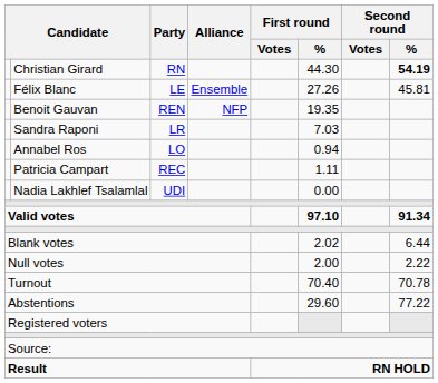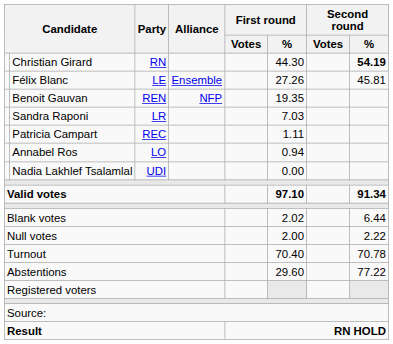 <table class="wikitable" style="text-align:right;font-size:95%;">
 <tr>
 <th colspan="2" rowspan="2">Candidate</th>
 <th colspan="1" rowspan="2">Party</th>
 <th colspan="1" rowspan="2">Alliance</th>
 <th colspan="2">First round</th>
 <th colspan="2">Second round</th>
 </tr>
 <tr>
 <th style="width:50px;">Votes</th>
 <th style="width:45px;">%</th>
 <th style="width:50px;">Votes</th>
 <th style="width:45px;">%</th>
 </tr>
 <tr>
 <td style="color:inherit;background:"></td>
 <td style="text-align:left;">Christian Girard</td>
 <td><a href='#'>RN</a></td>
 <td></td>
 <td></td>
 <td>44.30</td>
 <td><strong></strong></td>
 <td><strong>54.19</strong></td>
 </tr>
 <tr>
 <td style="color:inherit;background:"></td>
 <td style="text-align:left;">Félix Blanc</td>
 <td><a href='#'>LE</a></td>
 <td><a href='#'>Ensemble</a></td>
 <td></td>
 <td>27.26</td>
 <td></td>
 <td>45.81</td>
 </tr>
 <tr>
 <td style="color:inherit;background:"></td>
 <td style="text-align:left;">Benoit Gauvan</td>
 <td><a href='#'>REN</a></td>
 <td><a href='#'>NFP</a></td>
 <td></td>
 <td>19.35</td>
 <td></td>
 <td></td>
 </tr>
 <tr>
 <td style="color:inherit;background:"></td>
 <td style="text-align:left;">Sandra Raponi</td>
 <td><a href='#'>LR</a></td>
 <td></td>
 <td></td>
 <td>7.03</td>
 <td></td>
 <td></td>
 </tr>
 <tr>
 <td style="color:inherit;background:"></td>
+<td style="text-align:left;">Patricia Campart</td>
+<td><a href='#'>REC</a></td>
+<td></td>
+<td></td>
+<td>1.11</td>
+<td></td>
+<td></td>
+</tr>
+<tr>
+<td style="color:inherit;background:"></td>
 <td style="text-align:left;">Annabel Ros</td>
 <td><a href='#'>LO</a></td>
 <td></td>
 <td></td>
 <td>0.94</td>
-<td></td>
-<td></td>
-</tr>
-<tr>
-<td style="color:inherit;background:"></td>
-<td style="text-align:left;">Patricia Campart</td>
-<td><a href='#'>REC</a></td>
-<td></td>
-<td></td>
-<td>1.11</td>
 <td></td>
 <td></td>
 </tr>
 <tr>
 <td style="color:inherit;background:"></td>
 <td style="text-align:left;">Nadia Lakhlef Tsalamlal</td>
 <td><a href='#'>UDI</a></td>
 <td></td>
 <td></td>
 <td>0.00</td>
 <td></td>
 <td></td>
 </tr>
 <tr>
 <td colspan="8" style="background:#E9E9E9;"></td>
 </tr>
 <tr style="font-weight:bold;">
 <td colspan="4" style="text-align:left;">Valid votes</td>
 <td></td>
 <td>97.10</td>
 <td></td>
 <td>91.34</td>
 </tr>
 <tr>
 <td colspan="8" style="background:#E9E9E9;"></td>
 </tr>
 <tr>
 <td colspan="4" style="text-align:left;">Blank votes</td>
 <td></td>
 <td>2.02</td>
 <td></td>
 <td>6.44</td>
 </tr>
 <tr>
 <td colspan="4" style="text-align:left;">Null votes</td>
 <td></td>
 <td>2.00</td>
 <td></td>
 <td>2.22</td>
 </tr>
 <tr>
 <td colspan="4" style="text-align:left;">Turnout</td>
 <td></td>
 <td>70.40</td>
 <td></td>
 <td>70.78</td>
 </tr>
 <tr>
 <td colspan="4" style="text-align:left;">Abstentions</td>
 <td></td>
 <td>29.60</td>
 <td></td>
 <td>77.22</td>
 </tr>
 <tr>
 <td colspan="4" style="text-align:left;">Registered voters</td>
 <td></td>
 <td style="background:#E9E9E9;"></td>
 <td></td>
 <td style="background:#E9E9E9;"></td>
 </tr>
 <tr>
 <td colspan="8" style="background:#E9E9E9;"></td>
 </tr>
 <tr>
 <td colspan="8" style="text-align:left;">Source: </td>
 </tr>
 <tr style="font-weight:bold">
 <td colspan="4" style="text-align:left;">Result</td>
 <td colspan="4" style="background-color:">RN HOLD</td>
 </tr>
 </table>
